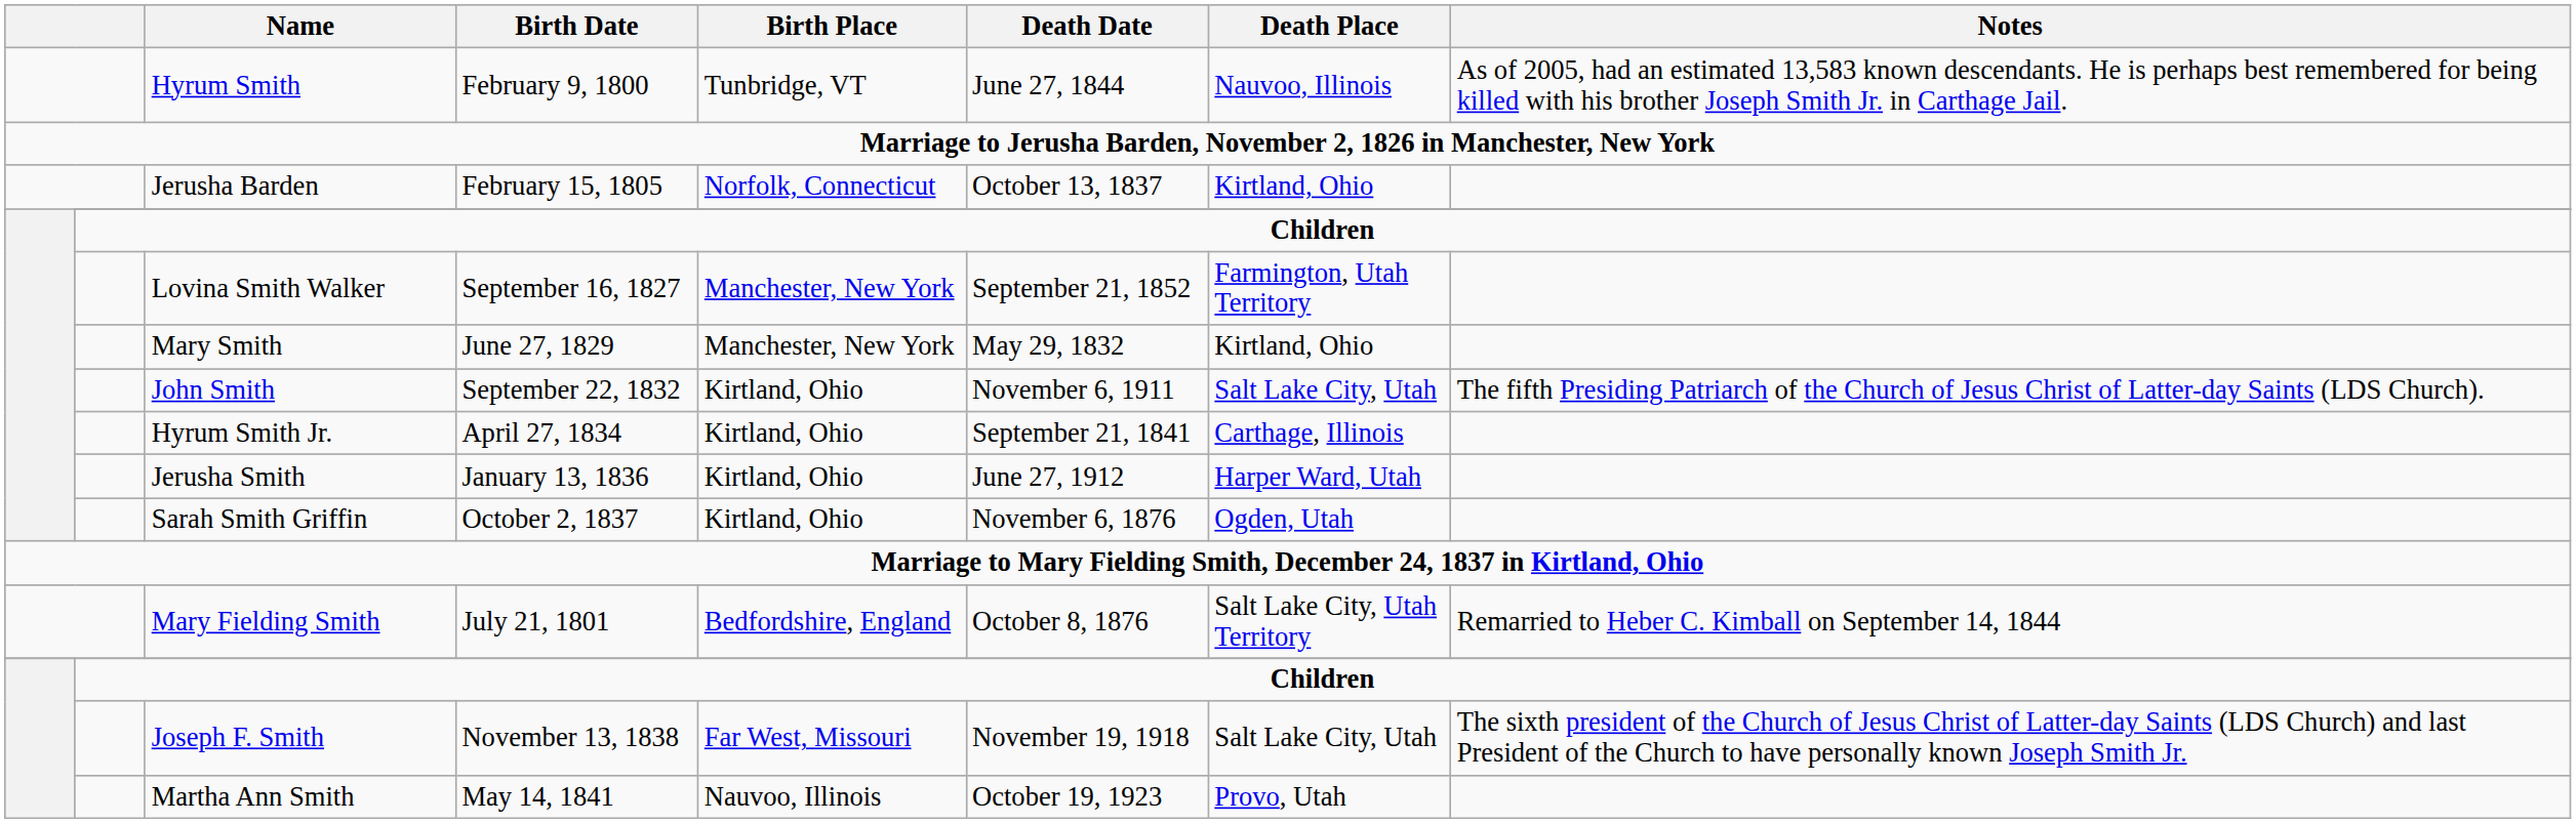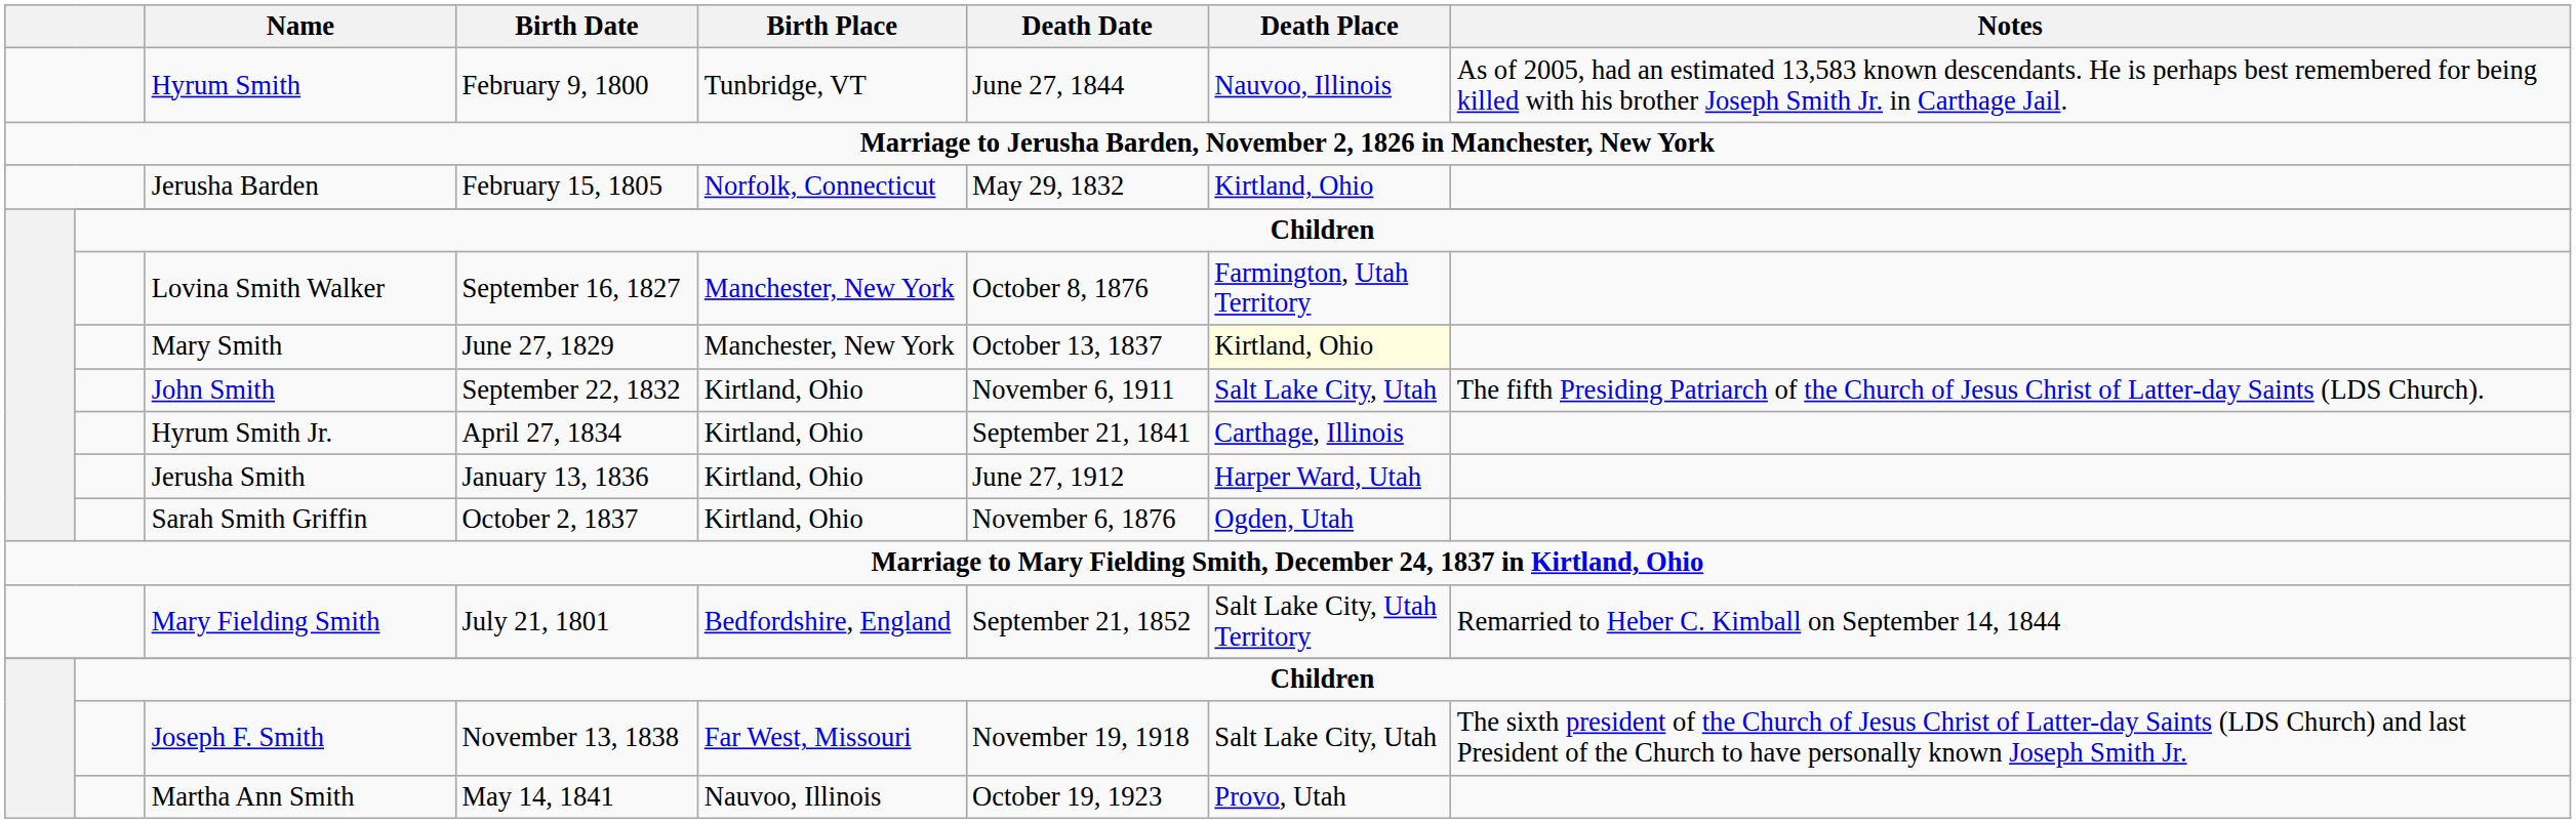 <table class="wikitable">
 <tr>
 <th width = "75px" colspan="2"></th>
 <th width = "175px">Name</th>
 <th width = "135px">Birth Date</th>
 <th width = "150px">Birth Place</th>
 <th width = "135px">Death Date</th>
 <th width = "135px">Death Place</th>
 <th width = "650px">Notes</th>
 </tr>
 <tr>
 <td colspan="2"></td>
 <td><a href='#'>Hyrum Smith</a></td>
 <td>February 9, 1800</td>
 <td>Tunbridge, VT</td>
 <td>June 27, 1844</td>
 <td><a href='#'>Nauvoo, Illinois</a></td>
 <td>As of 2005, had an estimated 13,583 known descendants. He is perhaps best remembered for being <a href='#'>killed</a> with his brother <a href='#'>Joseph Smith Jr.</a> in <a href='#'>Carthage Jail</a>.</td>
 </tr>
 <tr>
 <td colspan="8" style="text-align:center;"><strong>Marriage to Jerusha Barden, November 2, 1826 in Manchester, New York</strong></td>
 </tr>
 <tr>
 <td colspan="2"></td>
 <td>Jerusha Barden</td>
 <td>February 15, 1805</td>
 <td><a href='#'>Norfolk, Connecticut</a></td>
-<td>October 13, 1837</td>
+<td>May 29, 1832</td>
 <td><a href='#'>Kirtland, Ohio</a></td>
 <td></td>
 </tr>
 <tr>
 <td rowspan="8" style="background: #f2f2f2;"></td>
 </tr>
 <tr>
 <td colspan="7" style="text-align:center;"><strong>Children</strong></td>
 </tr>
 <tr>
 <td></td>
 <td>Lovina Smith Walker</td>
 <td>September 16, 1827</td>
 <td><a href='#'>Manchester, New York</a></td>
-<td>September 21, 1852</td>
+<td>October 8, 1876</td>
 <td><a href='#'>Farmington</a>, <a href='#'>Utah Territory</a></td>
 <td></td>
 </tr>
 <tr>
 <td></td>
 <td>Mary Smith</td>
 <td>June 27, 1829</td>
 <td>Manchester, New York</td>
-<td>May 29, 1832</td>
-<td>Kirtland, Ohio</td>
+<td>October 13, 1837</td>
+<td style="background: lightyellow;">Kirtland, Ohio</td>
 <td></td>
 </tr>
 <tr>
 <td></td>
 <td><a href='#'>John Smith</a></td>
 <td>September 22, 1832</td>
 <td>Kirtland, Ohio</td>
 <td>November 6, 1911</td>
 <td><a href='#'>Salt Lake City</a>, <a href='#'>Utah</a></td>
 <td>The fifth <a href='#'>Presiding Patriarch</a> of <a href='#'>the Church of Jesus Christ of Latter-day Saints</a> (LDS Church).</td>
 </tr>
 <tr>
 <td></td>
 <td>Hyrum Smith Jr.</td>
 <td>April 27, 1834</td>
 <td>Kirtland, Ohio</td>
 <td>September 21, 1841</td>
 <td><a href='#'>Carthage</a>, <a href='#'>Illinois</a></td>
 <td></td>
 </tr>
 <tr>
 <td></td>
 <td>Jerusha Smith</td>
 <td>January 13, 1836</td>
 <td>Kirtland, Ohio</td>
 <td>June 27, 1912</td>
 <td><a href='#'>Harper Ward, Utah</a></td>
 <td></td>
 </tr>
 <tr>
 <td></td>
 <td>Sarah Smith Griffin</td>
 <td>October 2, 1837</td>
 <td>Kirtland, Ohio</td>
 <td>November 6, 1876</td>
 <td><a href='#'>Ogden, Utah</a></td>
 <td></td>
 </tr>
 <tr>
 <td colspan="8" style="text-align:center;"><strong>Marriage to Mary Fielding Smith, December 24, 1837 in <a href='#'>Kirtland, Ohio</a></strong></td>
 </tr>
 <tr>
 <td colspan="2"></td>
 <td><a href='#'>Mary Fielding Smith</a></td>
 <td>July 21, 1801</td>
 <td><a href='#'>Bedfordshire</a>, <a href='#'>England</a></td>
-<td>October 8, 1876</td>
+<td>September 21, 1852</td>
 <td>Salt Lake City, <a href='#'>Utah Territory</a></td>
 <td>Remarried to <a href='#'>Heber C. Kimball</a> on September 14, 1844</td>
 </tr>
 <tr>
 </tr>
 <tr>
 <td rowspan="4"  style="background: #f2f2f2;"></td>
 </tr>
 <tr>
 <td colspan="7" style="text-align:center;"><strong>Children</strong></td>
 </tr>
 <tr>
 <td></td>
 <td><a href='#'>Joseph F. Smith</a></td>
 <td>November 13, 1838</td>
 <td><a href='#'>Far West, Missouri</a></td>
 <td>November 19, 1918</td>
 <td>Salt Lake City, Utah</td>
 <td>The sixth <a href='#'>president</a> of <a href='#'>the Church of Jesus Christ of Latter-day Saints</a> (LDS Church) and last President of the Church to have personally known <a href='#'>Joseph Smith Jr.</a></td>
 </tr>
 <tr>
 <td></td>
 <td>Martha Ann Smith</td>
 <td>May 14, 1841</td>
 <td>Nauvoo, Illinois</td>
 <td>October 19, 1923</td>
 <td><a href='#'>Provo</a>, Utah</td>
 <td></td>
 </tr>
 </table>
